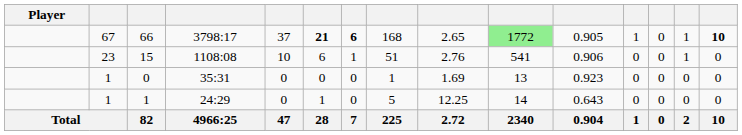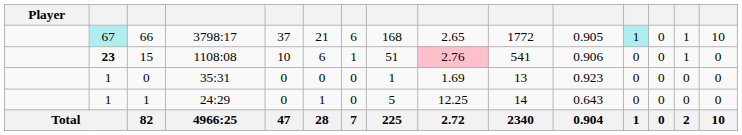 <table class="wikitable sortable" style="width:100%; text-align:center;">
 <tr>
 <th>Player</th>
 <th></th>
 <th></th>
 <th></th>
 <th></th>
 <th></th>
 <th></th>
 <th></th>
 <th></th>
 <th></th>
 <th></th>
 <th></th>
 <th></th>
 <th></th>
 <th></th>
 </tr>
 <tr>
 <td></td>
-<td>67</td>
+<td style="background: paleturquoise;">67</td>
 <td>66</td>
 <td>3798:17</td>
 <td>37</td>
-<td><strong>21</strong></td>
-<td><strong>6</strong></td>
+<td>21</td>
+<td>6</td>
 <td>168</td>
 <td>2.65</td>
-<td style="background: lightgreen;">1772</td>
+<td>1772</td>
 <td>0.905</td>
-<td>1</td>
+<td style="background: paleturquoise;">1</td>
 <td>0</td>
 <td>1</td>
-<td><strong>10</strong></td>
+<td>10</td>
 </tr>
 <tr>
 <td></td>
-<td>23</td>
+<td><strong>23</strong></td>
 <td>15</td>
 <td>1108:08</td>
 <td>10</td>
 <td>6</td>
 <td>1</td>
 <td>51</td>
-<td>2.76</td>
+<td style="background: pink;">2.76</td>
 <td>541</td>
 <td>0.906</td>
 <td>0</td>
 <td>0</td>
 <td>1</td>
 <td>0</td>
 </tr>
 <tr>
 <td></td>
 <td>1</td>
 <td>0</td>
 <td>35:31</td>
 <td>0</td>
 <td>0</td>
 <td>0</td>
 <td>1</td>
 <td>1.69</td>
 <td>13</td>
 <td>0.923</td>
 <td>0</td>
 <td>0</td>
 <td>0</td>
 <td>0</td>
 </tr>
 <tr>
 <td></td>
 <td>1</td>
 <td>1</td>
 <td>24:29</td>
 <td>0</td>
 <td>1</td>
 <td>0</td>
 <td>5</td>
 <td>12.25</td>
 <td>14</td>
 <td>0.643</td>
 <td>0</td>
 <td>0</td>
 <td>0</td>
 <td>0</td>
 </tr>
 <tr class="sortbottom">
 <th colspan=2>Total</th>
 <th>82</th>
 <th>4966:25</th>
 <th>47</th>
 <th>28</th>
 <th>7</th>
 <th>225</th>
 <th>2.72</th>
 <th>2340</th>
 <th>0.904</th>
 <th>1</th>
 <th>0</th>
 <th>2</th>
 <th>10</th>
 </tr>
 </table>
